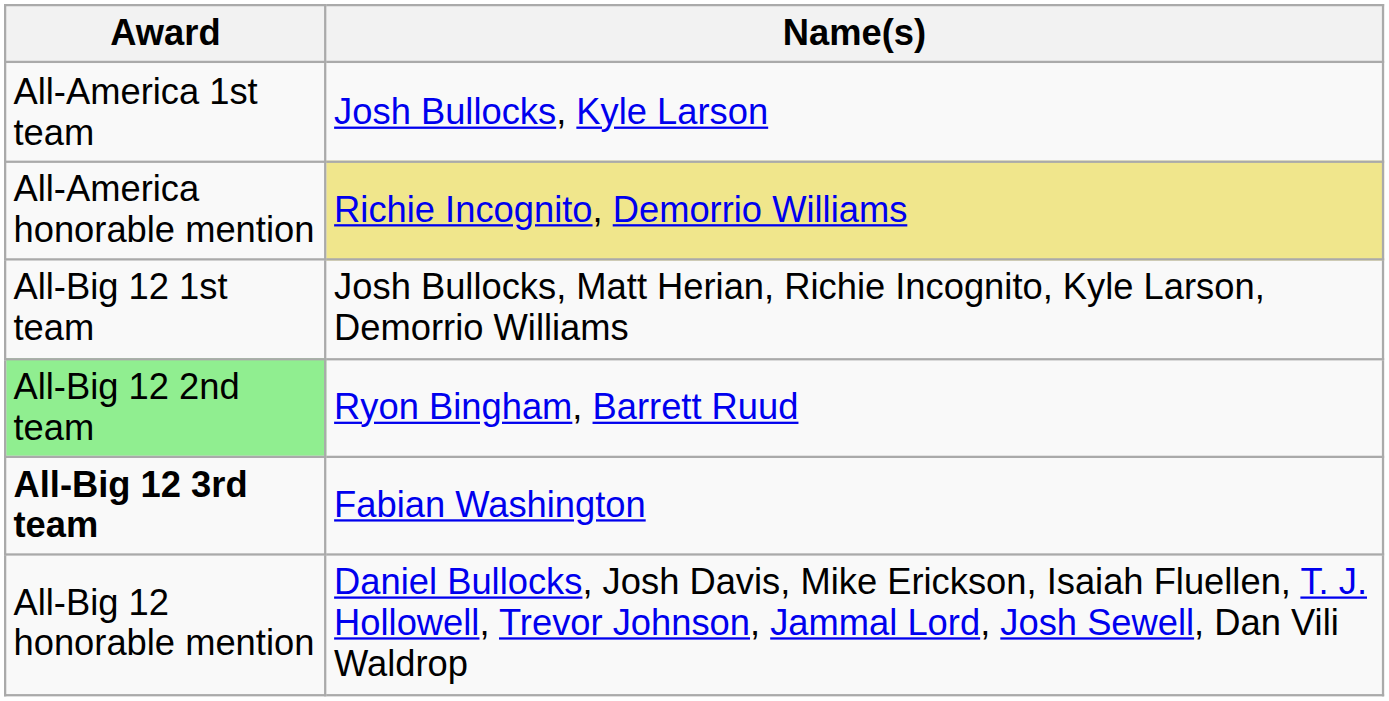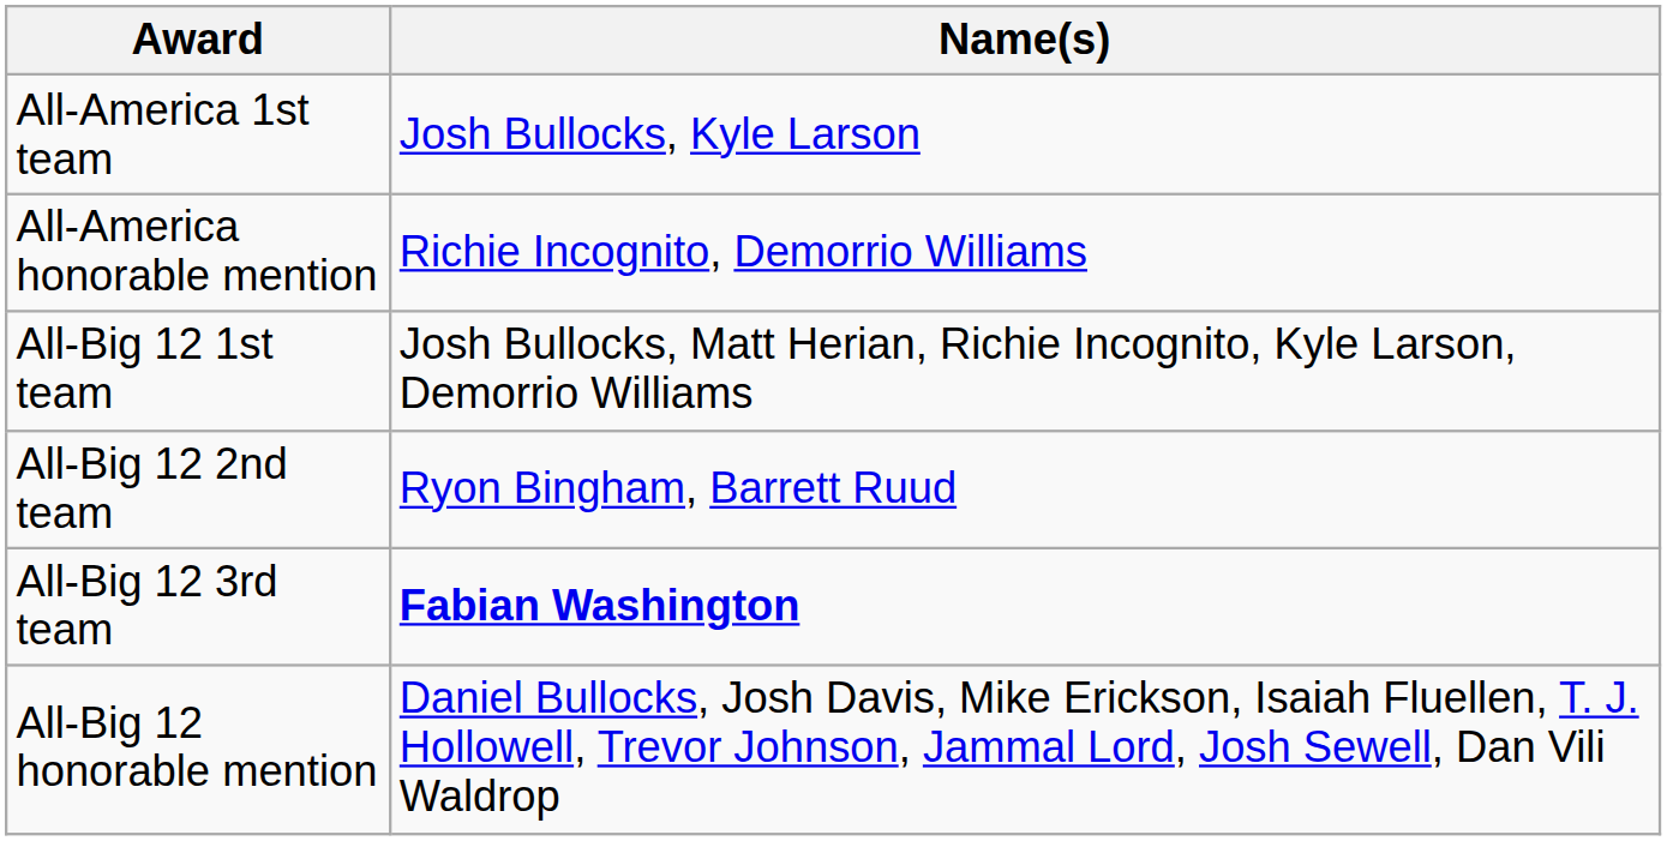 <table class="wikitable">
 <tr>
 <th>Award</th>
 <th>Name(s)</th>
 </tr>
 <tr>
 <td>All-America 1st team</td>
 <td><a href='#'>Josh Bullocks</a>, <a href='#'>Kyle Larson</a></td>
 </tr>
 <tr>
 <td>All-America honorable mention</td>
-<td style="background: khaki;"><a href='#'>Richie Incognito</a>, <a href='#'>Demorrio Williams</a></td>
+<td><a href='#'>Richie Incognito</a>, <a href='#'>Demorrio Williams</a></td>
 </tr>
 <tr>
 <td>All-Big 12 1st team</td>
 <td>Josh Bullocks, Matt Herian, Richie Incognito, Kyle Larson, Demorrio Williams</td>
 </tr>
 <tr>
-<td style="background: lightgreen;">All-Big 12 2nd team</td>
+<td>All-Big 12 2nd team</td>
 <td><a href='#'>Ryon Bingham</a>, <a href='#'>Barrett Ruud</a></td>
 </tr>
 <tr>
-<td><strong>All-Big 12 3rd team</strong></td>
-<td><a href='#'>Fabian Washington</a></td>
+<td>All-Big 12 3rd team</td>
+<td><strong><a href='#'>Fabian Washington</a></strong></td>
 </tr>
 <tr>
 <td>All-Big 12 honorable mention</td>
 <td><a href='#'>Daniel Bullocks</a>, Josh Davis, Mike Erickson, Isaiah Fluellen, <a href='#'>T. J. Hollowell</a>, <a href='#'>Trevor Johnson</a>, <a href='#'>Jammal Lord</a>, <a href='#'>Josh Sewell</a>, Dan Vili Waldrop</td>
 </tr>
 </table>
